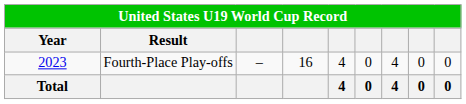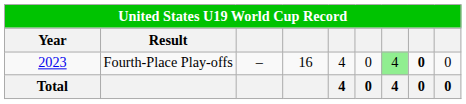 <table class="wikitable" style="font-size:90%; text-align:center">
 <tr>
 <th style="color:white; background:#00C301;" colspan=9>United States U19 World Cup Record</th>
 </tr>
 <tr>
 <th width="90">Year</th>
 <th>Result</th>
 <th width="40"></th>
 <th width="40"></th>
 <th width="20"></th>
 <th width="20"></th>
 <th width="20"></th>
 <th width="20"></th>
 <th width="20"></th>
 </tr>
 <tr>
 <td> <a href='#'>2023</a></td>
 <td>Fourth-Place Play-offs</td>
 <td>–</td>
 <td>16</td>
 <td>4</td>
 <td>0</td>
-<td>4</td>
-<td>0</td>
+<td style="background: lightgreen;">4</td>
+<td><strong>0</strong></td>
 <td>0</td>
 </tr>
 <tr>
 <th>Total</th>
 <th></th>
 <th></th>
 <th></th>
 <th>4</th>
 <th>0</th>
 <th>4</th>
 <th>0</th>
 <th>0</th>
 </tr>
 </table>
